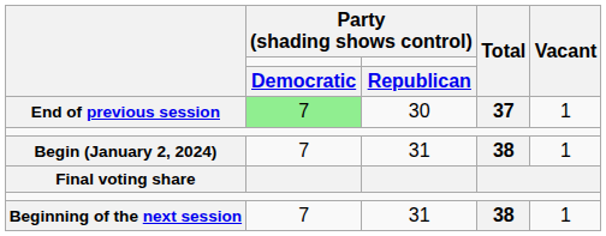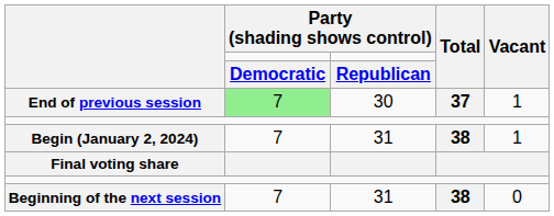 <table class="wikitable" style="text-align:center">
 <tr>
 <th rowspan="3" scope="col"> </th>
 <th colspan="2" scope="col">Party<div>(shading shows control)</div></th>
 <th rowspan="3" scope="col">Total</th>
 <th rowspan="3" scope="col">Vacant</th>
 </tr>
 <tr style="height:5px">
 <td style="background-color:"></td>
 <td style="background-color:"></td>
 </tr>
 <tr>
 <th scope="col"><a href='#'>Democratic</a></th>
 <th scope="col"><a href='#'>Republican</a></th>
 </tr>
 <tr>
 <th scope="row" style="font-size:85%">End of <a href='#'>previous session</a></th>
 <td style="background: lightgreen;">7</td>
 <td>30</td>
 <th>37</th>
 <td>1</td>
 </tr>
 <tr>
 <td colspan="5"></td>
 </tr>
 <tr>
 <th scope="row" style="font-size:85%">Begin (January 2, 2024)</th>
 <td>7</td>
 <td>31</td>
 <th>38</th>
 <td>1</td>
 </tr>
 <tr>
 <th scope="row" style="font-size:85%">Final voting share</th>
 <th></th>
 <th></th>
 <th colspan="2"></th>
 </tr>
 <tr>
 <td colspan="5"></td>
 </tr>
 <tr>
 <th scope="row" style="font-size:85%">Beginning of the <a href='#'>next session</a></th>
 <td>7</td>
 <td>31</td>
 <th>38</th>
-<td>1</td>
+<td>0</td>
 </tr>
 </table>
